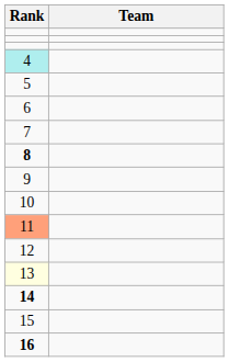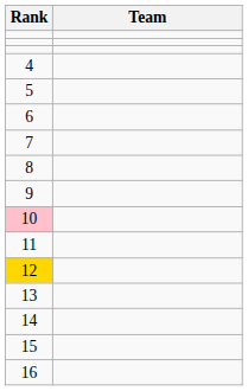 <table class="wikitable" style="text-align:center;">
 <tr>
 <th width=40>Rank</th>
 <th width=180>Team</th>
 </tr>
 <tr>
 <td></td>
 <td style="text-align:left;"></td>
 </tr>
 <tr>
 <td></td>
 <td style="text-align:left;"></td>
 </tr>
 <tr>
 <td></td>
 <td style="text-align:left;"></td>
 </tr>
 <tr>
-<td style="background: paleturquoise;">4</td>
+<td>4</td>
 <td style="text-align:left;"></td>
 </tr>
 <tr>
 <td>5</td>
 <td style="text-align:left;"></td>
 </tr>
 <tr>
 <td>6</td>
 <td style="text-align:left;"></td>
 </tr>
 <tr>
 <td>7</td>
 <td style="text-align:left;"></td>
 </tr>
 <tr>
-<td><strong>8</strong></td>
+<td>8</td>
 <td style="text-align:left;"></td>
 </tr>
 <tr>
 <td>9</td>
 <td style="text-align:left;"></td>
 </tr>
 <tr>
-<td>10</td>
+<td style="background: pink;">10</td>
 <td style="text-align:left;"></td>
 </tr>
 <tr>
-<td style="background: lightsalmon;">11</td>
+<td>11</td>
 <td style="text-align:left;"></td>
 </tr>
 <tr>
-<td>12</td>
+<td style="background: gold;">12</td>
 <td style="text-align:left;"></td>
 </tr>
 <tr>
-<td style="background: lightyellow;">13</td>
+<td>13</td>
 <td style="text-align:left;"></td>
 </tr>
 <tr>
-<td><strong>14</strong></td>
+<td>14</td>
 <td style="text-align:left;"></td>
 </tr>
 <tr>
 <td>15</td>
 <td style="text-align:left;"></td>
 </tr>
 <tr>
-<td><strong>16</strong></td>
+<td>16</td>
 <td style="text-align:left;"></td>
 </tr>
 </table>
